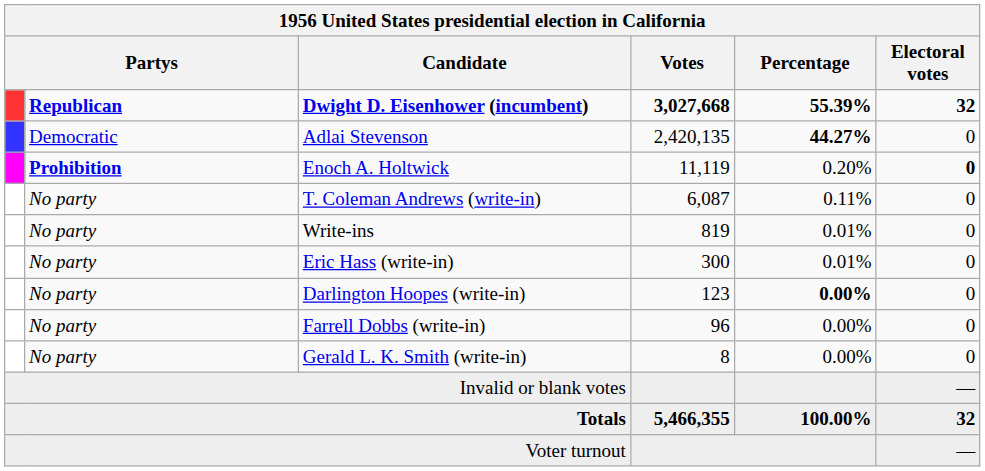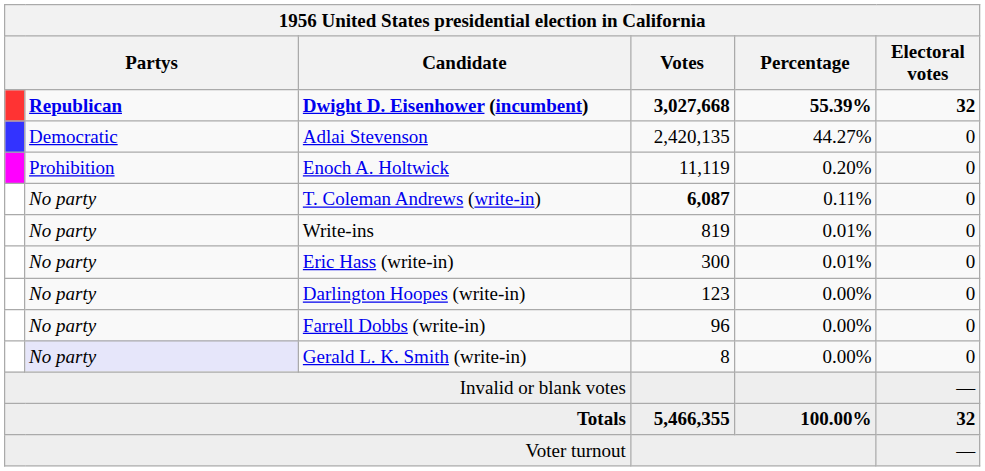 <table class="wikitable" style="font-size: 95%;">
 <tr>
 <th colspan="6">1956 United States presidential election in California</th>
 </tr>
 <tr>
 <th colspan="2" style="width: 15em">Partys</th>
 <th style="width: 17em">Candidate</th>
 <th style="width: 5em">Votes</th>
 <th style="width: 7em">Percentage</th>
 <th style="width: 5em">Electoral votes</th>
 </tr>
 <tr>
 <th style="background-color:#FF3333; width: 3px"></th>
 <td style="width: 130px"><strong><a href='#'>Republican</a></strong></td>
 <td><strong><a href='#'>Dwight D. Eisenhower</a> (<a href='#'>incumbent</a>)</strong></td>
 <td align="right"><strong>3,027,668</strong></td>
 <td align="right"><strong>55.39%</strong></td>
 <td align="right"><strong>32</strong></td>
 </tr>
 <tr>
 <th style="background-color:#3333FF; width: 3px"></th>
 <td style="width: 130px"><a href='#'>Democratic</a></td>
 <td><a href='#'>Adlai Stevenson</a></td>
 <td align="right">2,420,135</td>
-<td align="right"><strong>44.27%</strong></td>
+<td align="right">44.27%</td>
 <td align="right">0</td>
 </tr>
 <tr>
 <th style="background-color:#FF00FF; width: 3px"></th>
-<td style="width: 130px"><strong><a href='#'>Prohibition</a></strong></td>
+<td style="width: 130px"><a href='#'>Prohibition</a></td>
 <td><a href='#'>Enoch A. Holtwick</a></td>
 <td align="right">11,119</td>
 <td align="right">0.20%</td>
-<td align="right"><strong>0</strong></td>
+<td align="right">0</td>
 </tr>
 <tr>
 <th style="background-color:#FFFFFF; width: 3px"></th>
 <td style="width: 130px"><em>No party</em></td>
 <td><a href='#'>T. Coleman Andrews</a> (<a href='#'>write-in</a>)</td>
-<td align="right">6,087</td>
+<td align="right"><strong>6,087</strong></td>
 <td align="right">0.11%</td>
 <td align="right">0</td>
 </tr>
 <tr>
 <th style="background-color:#FFFFFF; width: 3px"></th>
 <td style="width: 130px"><em>No party</em></td>
 <td>Write-ins</td>
 <td align="right">819</td>
 <td align="right">0.01%</td>
 <td align="right">0</td>
 </tr>
 <tr>
 <th style="background-color:#FFFFFF; width: 3px"></th>
 <td style="width: 130px"><em>No party</em></td>
 <td><a href='#'>Eric Hass</a> (write-in)</td>
 <td align="right">300</td>
 <td align="right">0.01%</td>
 <td align="right">0</td>
 </tr>
 <tr>
 <th style="background-color:#FFFFFF; width: 3px"></th>
 <td style="width: 130px"><em>No party</em></td>
 <td><a href='#'>Darlington Hoopes</a> (write-in)</td>
 <td align="right">123</td>
-<td align="right"><strong>0.00%</strong></td>
+<td align="right">0.00%</td>
 <td align="right">0</td>
 </tr>
 <tr>
 <th style="background-color:#FFFFFF; width: 3px"></th>
 <td style="width: 130px"><em>No party</em></td>
 <td><a href='#'>Farrell Dobbs</a> (write-in)</td>
 <td align="right">96</td>
 <td align="right">0.00%</td>
 <td align="right">0</td>
 </tr>
 <tr>
 <th style="background-color:#FFFFFF; width: 3px"></th>
-<td style="width: 130px"><em>No party</em></td>
+<td style="background: lavender; width: 130px"><em>No party</em></td>
 <td><a href='#'>Gerald L. K. Smith</a> (write-in)</td>
 <td align="right">8</td>
 <td align="right">0.00%</td>
 <td align="right">0</td>
 </tr>
 <tr bgcolor="#EEEEEE">
 <td colspan="3" align="right">Invalid or blank votes</td>
 <td align="right"></td>
 <td align="right"></td>
 <td align="right">—</td>
 </tr>
 <tr bgcolor="#EEEEEE">
 <td colspan="3" align="right"><strong>Totals</strong></td>
 <td align="right"><strong>5,466,355</strong></td>
 <td align="right"><strong>100.00%</strong></td>
 <td align="right"><strong>32</strong></td>
 </tr>
 <tr bgcolor="#EEEEEE">
 <td colspan="3" align="right">Voter turnout</td>
 <td colspan="2" align="right"></td>
 <td align="right">—</td>
 </tr>
 </table>
